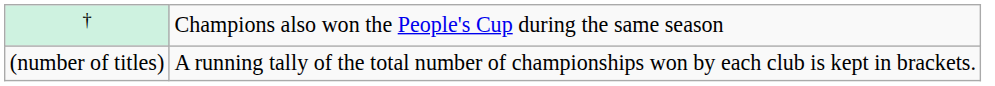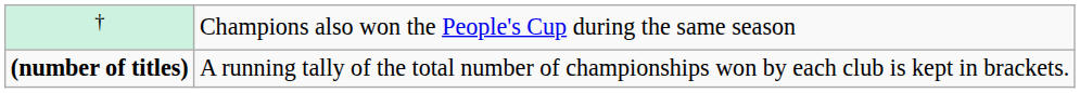 <table class="wikitable">
 <tr 1928/>
 <td bgcolor="#CEF2E0" align="center"><sup>†</sup></td>
 <td>Champions also won the <a href='#'>People's Cup</a> during the same season</td>
 </tr>
 <tr>
-<td align="center">(number of titles)</td>
+<td align="center"><strong>(number of titles)</strong></td>
 <td>A running tally of the total number of championships won by each club is kept in brackets.</td>
 </tr>
 </table>
